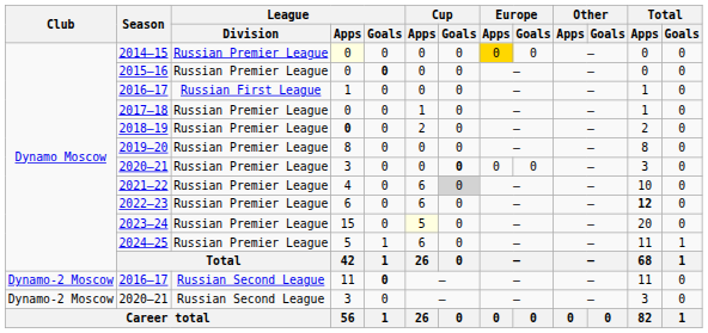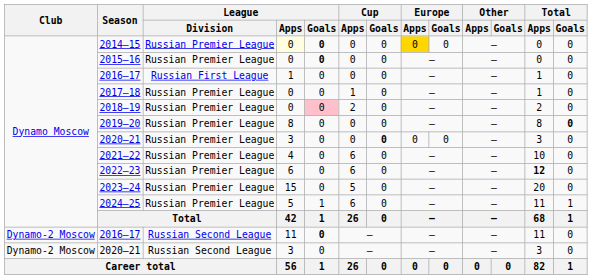 <table class="wikitable" style="text-align: center;">
 <tr>
 <th rowspan="2">Club</th>
 <th rowspan="2">Season</th>
 <th colspan="3">League</th>
 <th colspan="2">Cup</th>
 <th colspan="2">Europe</th>
 <th colspan="2">Other</th>
 <th colspan="2">Total</th>
 </tr>
 <tr>
 <th>Division</th>
 <th>Apps</th>
 <th>Goals</th>
 <th>Apps</th>
 <th>Goals</th>
 <th>Apps</th>
 <th>Goals</th>
 <th>Apps</th>
 <th>Goals</th>
 <th>Apps</th>
 <th>Goals</th>
 </tr>
 <tr>
 <td rowspan="12"><a href='#'>Dynamo Moscow</a></td>
 <td><a href='#'>2014–15</a></td>
 <td><a href='#'>Russian Premier League</a></td>
 <td style="background: lightyellow;">0</td>
-<td>0</td>
+<td><strong>0</strong></td>
 <td>0</td>
 <td>0</td>
 <td style="background: gold;">0</td>
 <td>0</td>
 <td colspan="2">—</td>
 <td>0</td>
 <td>0</td>
 </tr>
 <tr>
 <td><a href='#'>2015–16</a></td>
 <td>Russian Premier League</td>
 <td>0</td>
 <td><strong>0</strong></td>
 <td>0</td>
 <td>0</td>
 <td colspan="2">—</td>
 <td colspan="2">—</td>
 <td>0</td>
 <td>0</td>
 </tr>
 <tr>
 <td><a href='#'>2016–17</a></td>
 <td><a href='#'>Russian First League</a></td>
 <td>1</td>
 <td>0</td>
 <td>0</td>
 <td>0</td>
 <td colspan="2">—</td>
 <td colspan="2">—</td>
 <td>1</td>
 <td>0</td>
 </tr>
 <tr>
 <td><a href='#'>2017–18</a></td>
 <td>Russian Premier League</td>
 <td>0</td>
 <td>0</td>
 <td>1</td>
 <td>0</td>
 <td colspan="2">—</td>
 <td colspan="2">—</td>
 <td>1</td>
 <td>0</td>
 </tr>
 <tr>
 <td><a href='#'>2018–19</a></td>
 <td>Russian Premier League</td>
-<td><strong>0</strong></td>
 <td>0</td>
+<td style="background: pink;">0</td>
 <td>2</td>
 <td>0</td>
 <td colspan="2">—</td>
 <td colspan="2">—</td>
 <td>2</td>
 <td>0</td>
 </tr>
 <tr>
 <td><a href='#'>2019–20</a></td>
 <td>Russian Premier League</td>
 <td>8</td>
 <td>0</td>
 <td>0</td>
 <td>0</td>
 <td colspan="2">—</td>
 <td colspan="2">—</td>
 <td>8</td>
-<td>0</td>
+<td><strong>0</strong></td>
 </tr>
 <tr>
 <td><a href='#'>2020–21</a></td>
 <td>Russian Premier League</td>
 <td>3</td>
 <td>0</td>
 <td>0</td>
 <td><strong>0</strong></td>
 <td>0</td>
 <td>0</td>
 <td colspan="2">—</td>
 <td>3</td>
 <td>0</td>
 </tr>
 <tr>
 <td><a href='#'>2021–22</a></td>
 <td>Russian Premier League</td>
 <td>4</td>
 <td>0</td>
 <td>6</td>
-<td style="background: lightgrey;">0</td>
+<td>0</td>
 <td colspan="2">—</td>
 <td colspan="2">—</td>
 <td>10</td>
 <td>0</td>
 </tr>
 <tr>
 <td><a href='#'>2022–23</a></td>
 <td>Russian Premier League</td>
 <td>6</td>
 <td>0</td>
 <td>6</td>
 <td>0</td>
 <td colspan="2">—</td>
 <td colspan="2">—</td>
 <td><strong>12</strong></td>
 <td>0</td>
 </tr>
 <tr>
 <td><a href='#'>2023–24</a></td>
 <td>Russian Premier League</td>
 <td>15</td>
 <td>0</td>
-<td style="background: lightyellow;">5</td>
+<td>5</td>
 <td>0</td>
 <td colspan="2">—</td>
 <td colspan="2">—</td>
 <td>20</td>
 <td>0</td>
 </tr>
 <tr>
 <td><a href='#'>2024–25</a></td>
 <td>Russian Premier League</td>
 <td>5</td>
 <td>1</td>
 <td>6</td>
 <td>0</td>
 <td colspan="2">—</td>
 <td colspan="2">—</td>
 <td>11</td>
 <td>1</td>
 </tr>
 <tr>
 <th colspan="2">Total</th>
 <th>42</th>
 <th>1</th>
 <th>26</th>
 <th>0</th>
 <th colspan="2">—</th>
 <th colspan="2">—</th>
 <th>68</th>
 <th>1</th>
 </tr>
 <tr>
 <td><a href='#'>Dynamo-2 Moscow</a></td>
 <td><a href='#'>2016–17</a></td>
 <td><a href='#'>Russian Second League</a></td>
 <td>11</td>
 <td><strong>0</strong></td>
 <td colspan="2">—</td>
 <td colspan="2">—</td>
 <td colspan="2">—</td>
 <td>11</td>
 <td>0</td>
 </tr>
 <tr>
 <td>Dynamo-2 Moscow</td>
 <td>2020–21</td>
 <td>Russian Second League</td>
 <td>3</td>
 <td>0</td>
 <td colspan="2">—</td>
 <td colspan="2">—</td>
 <td colspan="2">—</td>
 <td>3</td>
 <td>0</td>
 </tr>
 <tr>
 <th colspan="3">Career total</th>
 <th>56</th>
 <th>1</th>
 <th>26</th>
 <th>0</th>
 <th>0</th>
 <th>0</th>
 <th>0</th>
 <th>0</th>
 <th>82</th>
 <th>1</th>
 </tr>
 </table>
